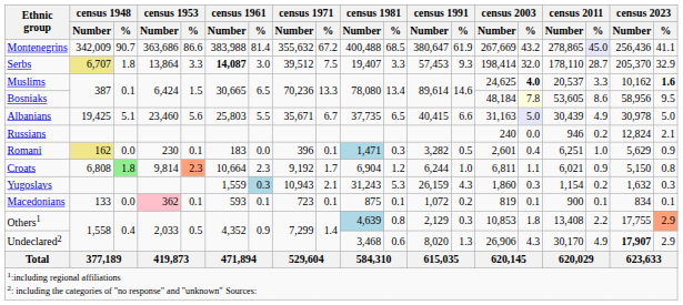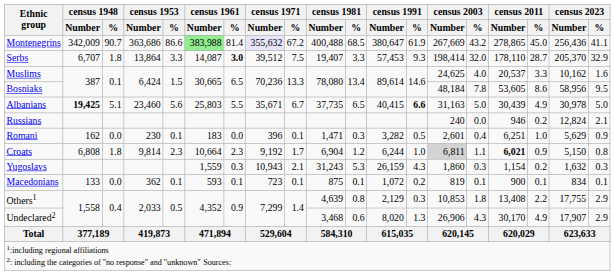 <table class="wikitable sortable" style="text-align: right;">
 <tr bgcolor="#e0e0e0">
 <th rowspan="2">Ethnic<br>group</th>
 <th colspan="2">census 1948</th>
 <th colspan="2">census 1953</th>
 <th colspan="2">census 1961</th>
 <th colspan="2">census 1971</th>
 <th colspan="2">census 1981</th>
 <th colspan="2">census 1991</th>
 <th colspan="2">census 2003</th>
 <th colspan="2">census 2011</th>
 <th colspan="2">census 2023</th>
 </tr>
 <tr bgcolor="#e0e0e0">
 <th>Number</th>
 <th>%</th>
 <th>Number</th>
 <th>%</th>
 <th>Number</th>
 <th>%</th>
 <th>Number</th>
 <th>%</th>
 <th>Number</th>
 <th>%</th>
 <th>Number</th>
 <th>%</th>
 <th>Number</th>
 <th>%</th>
 <th>Number</th>
 <th>%</th>
 <th>Number</th>
 <th>%</th>
 </tr>
 <tr>
 <td align="left"><a href='#'>Montenegrins</a></td>
 <td align="right">342,009</td>
 <td align="right">90.7</td>
 <td align="right">363,686</td>
 <td align="right">86.6</td>
-<td align="right">383,988</td>
+<td align="right" style="background: lightgreen;">383,988</td>
 <td align="right">81.4</td>
-<td align="right">355,632</td>
+<td align="right" style="background: lavender;">355,632</td>
 <td align="right">67.2</td>
 <td align="right">400,488</td>
 <td align="right">68.5</td>
 <td align="right">380,647</td>
 <td align="right">61.9</td>
 <td align="right">267,669</td>
 <td align="right">43.2</td>
 <td align="right">278,865</td>
-<td align="right" style="background: lavender;">45.0</td>
+<td align="right">45.0</td>
 <td align="right">256,436</td>
 <td align="right">41.1</td>
 </tr>
 <tr>
 <td align="left"><a href='#'>Serbs</a></td>
-<td align="right" style="background: khaki;">6,707</td>
+<td align="right">6,707</td>
 <td align="right">1.8</td>
 <td align="right">13,864</td>
 <td align="right">3.3</td>
-<td align="right"><strong>14,087</strong></td>
-<td align="right">3.0</td>
+<td align="right">14,087</td>
+<td align="right"><strong>3.0</strong></td>
 <td align="right">39,512</td>
 <td align="right">7.5</td>
 <td align="right">19,407</td>
 <td align="right">3.3</td>
 <td align="right">57,453</td>
 <td align="right">9.3</td>
 <td align="right">198,414</td>
 <td align="right">32.0</td>
 <td align="right">178,110</td>
 <td align="right">28.7</td>
 <td align="right">205,370</td>
 <td align="right">32.9</td>
 </tr>
 <tr>
 <td align="left"><a href='#'>Muslims</a></td>
 <td align="right" rowspan="2">387</td>
 <td align="right" rowspan="2">0.1</td>
 <td align="right" rowspan="2">6,424</td>
 <td align="right" rowspan="2">1.5</td>
 <td align="right" rowspan="2">30,665</td>
 <td align="right" rowspan="2">6.5</td>
 <td align="right" rowspan="2">70,236</td>
 <td align="right" rowspan="2">13.3</td>
 <td align="right" rowspan="2">78,080</td>
 <td align="right" rowspan="2">13.4</td>
 <td align="right" rowspan="2">89,614</td>
 <td align="right" rowspan="2">14.6</td>
 <td align="right">24,625</td>
-<td align="right"><strong>4.0</strong></td>
+<td align="right">4.0</td>
 <td align="right">20,537</td>
 <td align="right">3.3</td>
 <td align="right">10,162</td>
-<td align="right"><strong>1.6</strong></td>
+<td align="right">1.6</td>
 </tr>
 <tr>
 <td align="left"><a href='#'>Bosniaks</a></td>
 <td align="right">48,184</td>
-<td align="right" style="background: lightyellow;">7.8</td>
+<td align="right">7.8</td>
 <td align="right">53,605</td>
 <td align="right">8.6</td>
 <td align="right">58,956</td>
 <td align="right">9.5</td>
 </tr>
 <tr>
 <td align="left"><a href='#'>Albanians</a></td>
-<td align="right">19,425</td>
+<td align="right"><strong>19,425</strong></td>
 <td align="right">5.1</td>
 <td align="right">23,460</td>
 <td align="right">5.6</td>
 <td align="right">25,803</td>
 <td align="right">5.5</td>
 <td align="right">35,671</td>
 <td align="right">6.7</td>
 <td align="right">37,735</td>
 <td align="right">6.5</td>
 <td align="right">40,415</td>
-<td align="right">6.6</td>
+<td align="right"><strong>6.6</strong></td>
 <td align="right">31,163</td>
-<td align="right" style="background: lavender;">5.0</td>
+<td align="right">5.0</td>
 <td align="right">30,439</td>
 <td align="right">4.9</td>
 <td align="right">30,978</td>
 <td align="right">5.0</td>
 </tr>
 <tr>
 <td align="left"><a href='#'>Russians</a></td>
 <td align="right"></td>
 <td align="right"></td>
 <td align="right"></td>
 <td align="right"></td>
 <td align="right"></td>
 <td align="right"></td>
 <td align="right"></td>
 <td align="right"></td>
 <td align="right"></td>
 <td align="right"></td>
 <td align="right"></td>
 <td align="right"></td>
 <td align="right">240</td>
 <td align="right">0.0</td>
 <td align="right">946</td>
 <td align="right">0.2</td>
 <td align="right">12,824</td>
 <td align="right">2.1</td>
 </tr>
 <tr>
 <td align="left"><a href='#'>Romani</a></td>
-<td align="right" style="background: khaki;">162</td>
+<td align="right">162</td>
 <td align="right">0.0</td>
 <td align="right">230</td>
 <td align="right">0.1</td>
 <td align="right">183</td>
 <td align="right">0.0</td>
 <td align="right">396</td>
 <td align="right">0.1</td>
-<td align="right" style="background: lightblue;">1,471</td>
+<td align="right">1,471</td>
 <td align="right">0.3</td>
 <td align="right">3,282</td>
 <td align="right">0.5</td>
 <td align="right">2,601</td>
 <td align="right">0.4</td>
 <td align="right">6,251</td>
 <td align="right">1.0</td>
 <td align="right">5,629</td>
 <td align="right">0.9</td>
 </tr>
 <tr>
 <td align="left"><a href='#'>Croats</a></td>
 <td align="right">6,808</td>
-<td align="right" style="background: lightgreen;">1.8</td>
+<td align="right">1.8</td>
 <td align="right">9,814</td>
-<td align="right" style="background: lightsalmon;">2.3</td>
+<td align="right">2.3</td>
 <td align="right">10,664</td>
 <td align="right">2.3</td>
 <td align="right">9,192</td>
 <td align="right">1.7</td>
 <td align="right">6,904</td>
 <td align="right">1.2</td>
 <td align="right">6,244</td>
 <td align="right">1.0</td>
-<td align="right">6,811</td>
+<td align="right" style="background: lightgrey;">6,811</td>
 <td align="right">1.1</td>
-<td align="right">6,021</td>
+<td align="right"><strong>6,021</strong></td>
 <td align="right">0.9</td>
 <td align="right">5,150</td>
 <td align="right">0.8</td>
 </tr>
 <tr>
 <td align="left"><a href='#'>Yugoslavs</a></td>
 <td align="right"></td>
 <td align="right"></td>
 <td align="right"></td>
 <td align="right"></td>
 <td align="right">1,559</td>
-<td align="right" style="background: lightblue;">0.3</td>
+<td align="right">0.3</td>
 <td align="right">10,943</td>
 <td align="right">2.1</td>
 <td align="right">31,243</td>
 <td align="right">5.3</td>
 <td align="right">26,159</td>
 <td align="right">4.3</td>
 <td align="right">1,860</td>
 <td align="right">0.3</td>
 <td align="right">1,154</td>
 <td align="right">0.2</td>
 <td align="right">1,632</td>
 <td align="right">0.3</td>
 </tr>
 <tr>
 <td align="left"><a href='#'>Macedonians</a></td>
 <td align="right">133</td>
 <td align="right">0.0</td>
-<td align="right" style="background: pink;">362</td>
+<td align="right">362</td>
 <td align="right">0.1</td>
 <td align="right">593</td>
 <td align="right">0.1</td>
 <td align="right">723</td>
 <td align="right">0.1</td>
 <td align="right">875</td>
 <td align="right">0.1</td>
 <td align="right">1,072</td>
 <td align="right">0.2</td>
 <td align="right">819</td>
 <td align="right">0.1</td>
 <td align="right">900</td>
 <td align="right">0.1</td>
 <td align="right">834</td>
 <td align="right">0.1</td>
 </tr>
 <tr>
 <td align="left">Others<sup>1</sup></td>
 <td rowspan="2" align="right">1,558</td>
 <td rowspan="2" align="right">0.4</td>
 <td rowspan="2" align="right">2,033</td>
 <td rowspan="2" align="right">0.5</td>
 <td rowspan="2" align="right">4,352</td>
 <td rowspan="2" align="right">0.9</td>
 <td rowspan="2" align="right">7,299</td>
 <td rowspan="2" align="right">1.4</td>
-<td align="right" style="background: lightblue;">4,639</td>
+<td align="right">4,639</td>
 <td align="right">0.8</td>
 <td align="right">2,129</td>
 <td align="right">0.3</td>
 <td align="right">10,853</td>
 <td align="right">1.8</td>
 <td align="right">13,408</td>
 <td align="right">2.2</td>
 <td align="right">17,755</td>
-<td align="right" style="background: lightsalmon;">2.9</td>
+<td align="right">2.9</td>
 </tr>
 <tr>
 <td align="left">Undeclared<sup>2</sup></td>
 <td align="right">3,468</td>
 <td>0.6</td>
 <td>8,020</td>
 <td>1.3</td>
 <td align="right">26,906</td>
 <td align="right">4.3</td>
 <td align="right">30,170</td>
 <td align="right">4.9</td>
-<td align="right"><strong>17,907</strong></td>
+<td align="right">17,907</td>
 <td align="right">2.9</td>
 </tr>
 <tr bgcolor="#e0e0e0">
 <th align="left">Total</th>
 <th colspan="2">377,189</th>
 <th colspan="2">419,873</th>
 <th colspan="2">471,894</th>
 <th colspan="2">529,604</th>
 <th colspan="2">584,310</th>
 <th colspan="2">615,035</th>
 <th colspan="2">620,145</th>
 <th colspan="2">620,029</th>
 <th colspan="2">623,633</th>
 </tr>
 <tr>
 <td colspan="19" align="left"><small><sup>1</sup>:including regional affiliations</small><br><small><sup>2</sup>: including the categories of "no response" and "unknown"</small> <small>Sources: </small></td>
 </tr>
 </table>
